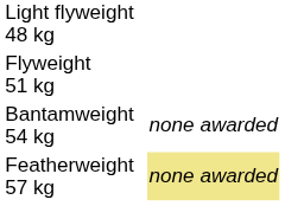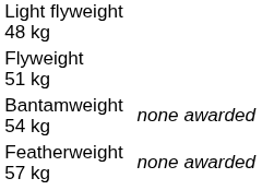 <table>
 <tr>
 <td rowspan=2>Light flyweight<br>48 kg</td>
 <td rowspan=2></td>
 <td rowspan=2></td>
 <td></td>
 </tr>
 <tr>
 <td></td>
 </tr>
 <tr>
 <td rowspan=2>Flyweight<br>51 kg</td>
 <td rowspan=2></td>
 <td rowspan=2></td>
 <td></td>
 </tr>
 <tr>
 <td></td>
 </tr>
 <tr>
 <td>Bantamweight<br>54 kg</td>
 <td></td>
 <td></td>
 <td><em>none awarded</em></td>
 </tr>
 <tr>
 <td>Featherweight<br>57 kg</td>
 <td></td>
 <td></td>
-<td style="background: khaki;"><em>none awarded</em></td>
+<td><em>none awarded</em></td>
 </tr>
 </table>
